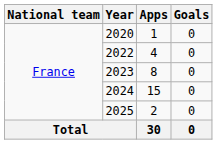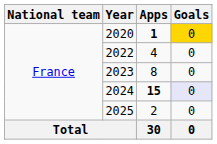 <table class="wikitable" style="text-align: center;">
 <tr>
 <th>National team</th>
 <th>Year</th>
 <th>Apps</th>
 <th>Goals</th>
 </tr>
 <tr>
 <td rowspan="5"><a href='#'>France</a></td>
 <td>2020</td>
-<td>1</td>
-<td>0</td>
+<td><strong>1</strong></td>
+<td style="background: gold;">0</td>
 </tr>
 <tr>
 <td>2022</td>
 <td>4</td>
 <td>0</td>
 </tr>
 <tr>
 <td>2023</td>
 <td>8</td>
 <td>0</td>
 </tr>
 <tr>
 <td>2024</td>
-<td>15</td>
-<td>0</td>
+<td><strong>15</strong></td>
+<td style="background: lavender;">0</td>
 </tr>
 <tr>
 <td>2025</td>
 <td>2</td>
 <td>0</td>
 </tr>
 <tr>
 <th colspan="2">Total</th>
 <th>30</th>
 <th>0</th>
 </tr>
 </table>
